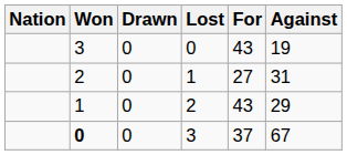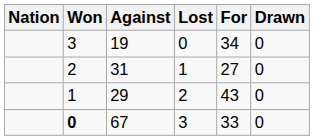 <table class="wikitable">
 <tr>
 <th>Nation</th>
 <th>Won</th>
-<th>Drawn</th>
+<th>Against</th>
 <th>Lost</th>
 <th>For</th>
-<th>Against</th>
+<th>Drawn</th>
 </tr>
 <tr>
 <td></td>
 <td>3</td>
+<td>19</td>
 <td>0</td>
+<td>34</td>
 <td>0</td>
-<td>43</td>
-<td>19</td>
 </tr>
 <tr>
 <td></td>
 <td>2</td>
-<td>0</td>
+<td>31</td>
 <td>1</td>
 <td>27</td>
-<td>31</td>
+<td>0</td>
 </tr>
 <tr>
 <td></td>
 <td>1</td>
-<td>0</td>
+<td>29</td>
 <td>2</td>
 <td>43</td>
-<td>29</td>
+<td>0</td>
 </tr>
 <tr>
 <td></td>
 <td><strong>0</strong></td>
+<td>67</td>
+<td>3</td>
+<td>33</td>
 <td>0</td>
-<td>3</td>
-<td>37</td>
-<td>67</td>
 </tr>
 </table>
